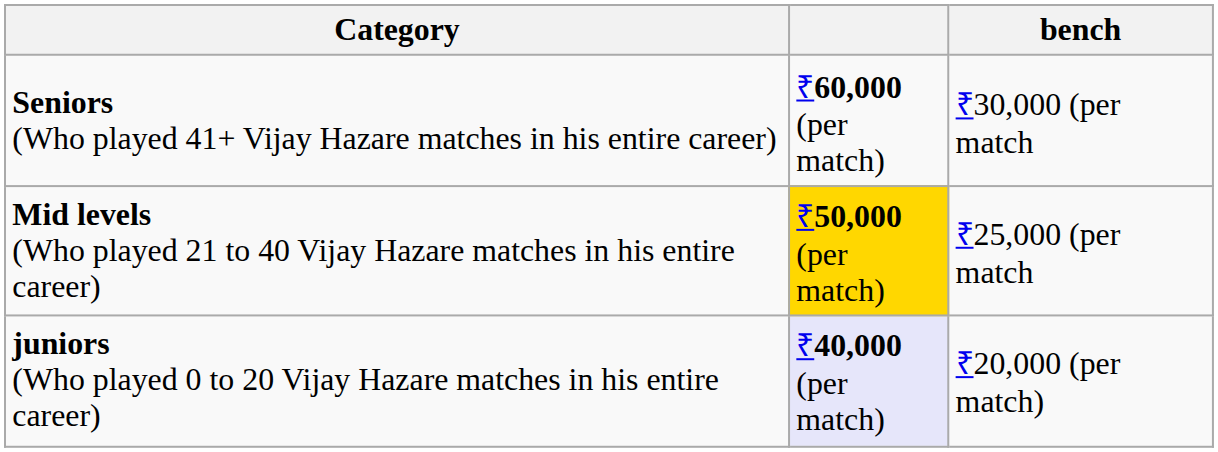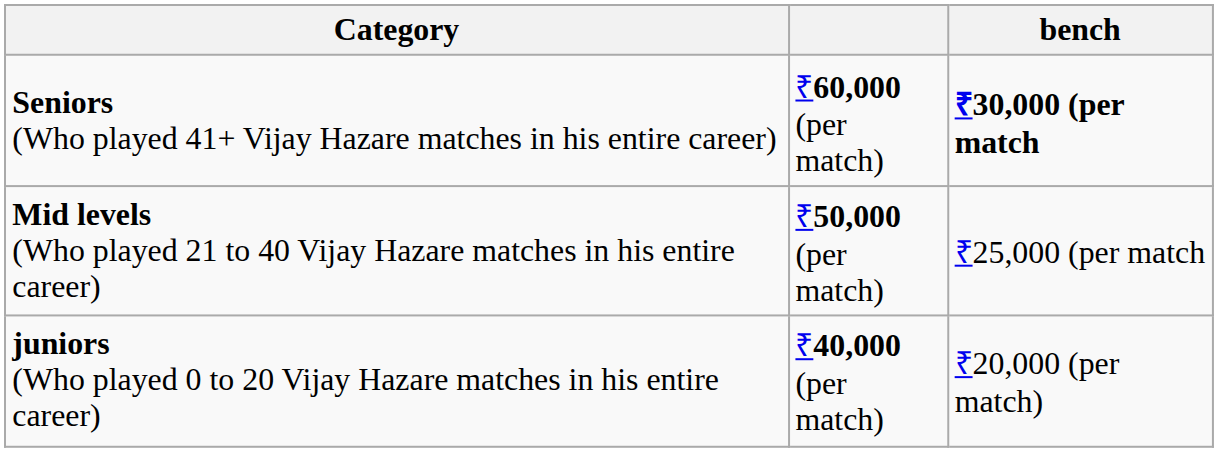 <table class="wikitable">
 <tr>
 <th>Category</th>
 <th></th>
 <th>bench</th>
 </tr>
 <tr>
 <td><strong>Seniors</strong><br>(Who played 41+ Vijay Hazare matches in his entire career)</td>
 <td><a href='#'>₹</a><strong>60,000</strong><br>(per match)</td>
-<td><a href='#'>₹</a>30,000 (per match</td>
+<td><strong><a href='#'>₹</a>30,000 (per match</strong></td>
 </tr>
 <tr>
 <td><strong>Mid levels</strong><br>(Who played 21 to 40 Vijay Hazare matches in his entire career)</td>
-<td style="background: gold;"><a href='#'>₹</a><strong>50,000</strong><br>(per match)</td>
+<td><a href='#'>₹</a><strong>50,000</strong><br>(per match)</td>
 <td><a href='#'>₹</a>25,000 (per match</td>
 </tr>
 <tr>
 <td><strong>juniors</strong><br>(Who played 0 to 20 Vijay Hazare matches in his entire career)</td>
-<td style="background: lavender;"><a href='#'>₹</a><strong>40,000</strong><br>(per match)</td>
+<td><a href='#'>₹</a><strong>40,000</strong><br>(per match)</td>
 <td><a href='#'>₹</a>20,000 (per match)</td>
 </tr>
 </table>
